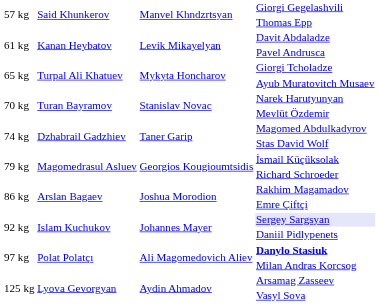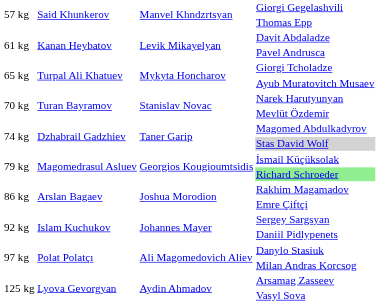 <table>
 <tr>
 <td rowspan=2>57 kg</td>
 <td rowspan=2> <a href='#'>Said Khunkerov</a></td>
 <td rowspan=2> <a href='#'>Manvel Khndzrtsyan</a></td>
 <td> <a href='#'>Giorgi Gegelashvili</a></td>
 </tr>
 <tr>
 <td><a href='#'>Thomas Epp</a></td>
 </tr>
 <tr>
 <td rowspan=2>61 kg</td>
 <td rowspan=2> <a href='#'>Kanan Heybatov</a></td>
 <td rowspan=2> <a href='#'>Levik Mikayelyan</a></td>
 <td> <a href='#'>Davit Abdaladze</a></td>
 </tr>
 <tr>
 <td> <a href='#'>Pavel Andrusca</a></td>
 </tr>
 <tr>
 <td rowspan=2>65 kg</td>
 <td rowspan=2> <a href='#'>Turpal Ali Khatuev</a></td>
 <td rowspan=2> <a href='#'>Mykyta Honcharov</a></td>
 <td> <a href='#'>Giorgi Tcholadze</a></td>
 </tr>
 <tr>
 <td> <a href='#'>Ayub Muratovitch Musaev</a></td>
 </tr>
 <tr>
 <td rowspan=2>70 kg</td>
 <td rowspan=2> <a href='#'>Turan Bayramov</a></td>
 <td rowspan=2> <a href='#'>Stanislav Novac</a></td>
 <td> <a href='#'>Narek Harutyunyan</a></td>
 </tr>
 <tr>
 <td> <a href='#'>Mevlüt Özdemir</a></td>
 </tr>
 <tr>
 <td rowspan=2>74 kg</td>
 <td rowspan=2> <a href='#'>Dzhabrail Gadzhiev</a></td>
 <td rowspan=2> <a href='#'>Taner Garip</a></td>
 <td> <a href='#'>Magomed Abdulkadyrov</a></td>
 </tr>
 <tr>
-<td> <a href='#'>Stas David Wolf</a></td>
+<td style="background: lightgrey;"> <a href='#'>Stas David Wolf</a></td>
 </tr>
 <tr>
 <td rowspan=2>79 kg</td>
 <td rowspan=2> <a href='#'>Magomedrasul Asluev</a></td>
 <td rowspan=2> <a href='#'>Georgios Kougioumtsidis</a></td>
 <td> <a href='#'>İsmail Küçüksolak</a></td>
 </tr>
 <tr>
-<td> <a href='#'>Richard Schroeder</a></td>
+<td style="background: lightgreen;"> <a href='#'>Richard Schroeder</a></td>
 </tr>
 <tr>
 <td rowspan=2>86 kg</td>
 <td rowspan=2> <a href='#'>Arslan Bagaev</a></td>
 <td rowspan=2> <a href='#'>Joshua Morodion</a></td>
 <td> <a href='#'>Rakhim Magamadov</a></td>
 </tr>
 <tr>
 <td> <a href='#'>Emre Çiftçi</a></td>
 </tr>
 <tr>
 <td rowspan=2>92 kg</td>
 <td rowspan=2> <a href='#'>Islam Kuchukov</a></td>
 <td rowspan=2> <a href='#'>Johannes Mayer</a></td>
-<td style="background: lavender;"> <a href='#'>Sergey Sargsyan</a></td>
+<td> <a href='#'>Sergey Sargsyan</a></td>
 </tr>
 <tr>
 <td> <a href='#'>Daniil Pidlypenets</a></td>
 </tr>
 <tr>
 <td rowspan=2>97 kg</td>
 <td rowspan=2> <a href='#'>Polat Polatçı</a></td>
 <td rowspan=2> <a href='#'>Ali Magomedovich Aliev</a></td>
-<td><strong> <a href='#'>Danylo Stasiuk</a></strong></td>
+<td> <a href='#'>Danylo Stasiuk</a></td>
 </tr>
 <tr>
 <td> <a href='#'>Milan Andras Korcsog</a></td>
 </tr>
 <tr>
 <td rowspan=2>125 kg</td>
 <td rowspan=2> <a href='#'>Lyova Gevorgyan</a></td>
 <td rowspan=2> <a href='#'>Aydin Ahmadov</a></td>
 <td> <a href='#'>Arsamag Zasseev</a></td>
 </tr>
 <tr>
 <td> <a href='#'>Vasyl Sova</a></td>
 </tr>
 </table>
